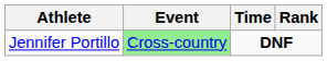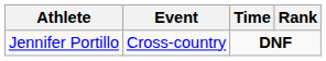 <table class=wikitable style="font-size:90%">
 <tr>
 <th>Athlete</th>
 <th>Event</th>
 <th>Time</th>
 <th>Rank</th>
 </tr>
 <tr>
 <td><a href='#'>Jennifer Portillo</a></td>
-<td style="background: lightgreen;"><a href='#'>Cross-country</a></td>
+<td><a href='#'>Cross-country</a></td>
 <td align=center colspan="2"><strong>DNF</strong></td>
 </tr>
 </table>
